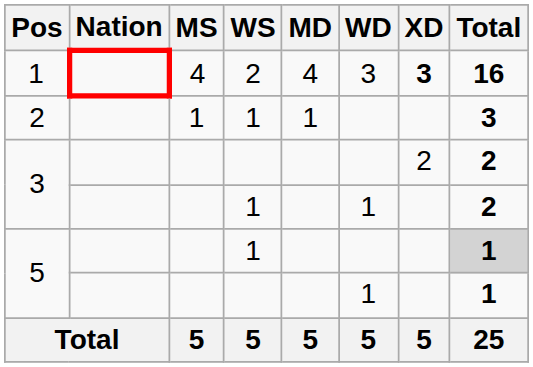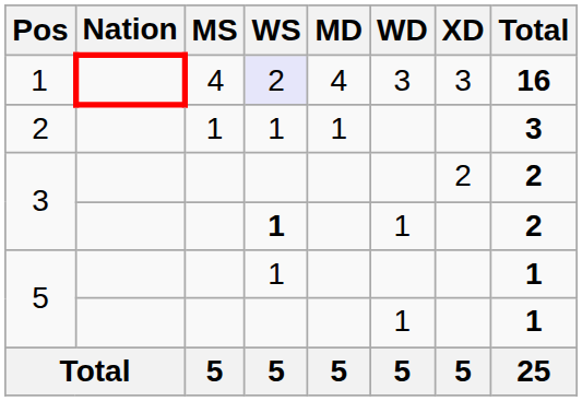 <table class="wikitable" style="text-align:center">
 <tr>
 <th>Pos</th>
 <th>Nation</th>
 <th>MS</th>
 <th>WS</th>
 <th>MD</th>
 <th>WD</th>
 <th>XD</th>
 <th>Total</th>
 </tr>
 <tr>
 <td>1</td>
 <td align="left" style="border: 3px solid red"></td>
 <td>4</td>
-<td>2</td>
+<td style="background: lavender;">2</td>
 <td>4</td>
 <td>3</td>
-<td><strong>3</strong></td>
+<td>3</td>
 <td><strong>16</strong></td>
 </tr>
 <tr>
 <td>2</td>
 <td align="left"></td>
 <td>1</td>
 <td>1</td>
 <td>1</td>
 <td></td>
 <td></td>
 <td><strong>3</strong></td>
 </tr>
 <tr>
 <td rowspan="2">3</td>
 <td align="left"></td>
 <td></td>
 <td></td>
 <td></td>
 <td></td>
 <td>2</td>
 <td><strong>2</strong></td>
 </tr>
 <tr>
 <td align="left"></td>
 <td></td>
-<td>1</td>
+<td><strong>1</strong></td>
 <td></td>
 <td>1</td>
 <td></td>
 <td><strong>2</strong></td>
 </tr>
 <tr>
 <td rowspan="2">5</td>
 <td align="left"></td>
 <td></td>
 <td>1</td>
 <td></td>
 <td></td>
 <td></td>
-<td style="background: lightgrey;"><strong>1</strong></td>
+<td><strong>1</strong></td>
 </tr>
 <tr>
 <td align="left"></td>
 <td></td>
 <td></td>
 <td></td>
 <td>1</td>
 <td></td>
 <td><strong>1</strong></td>
 </tr>
 <tr>
 <th colspan="2">Total</th>
 <th>5</th>
 <th>5</th>
 <th>5</th>
 <th>5</th>
 <th>5</th>
 <th>25</th>
 </tr>
 </table>
